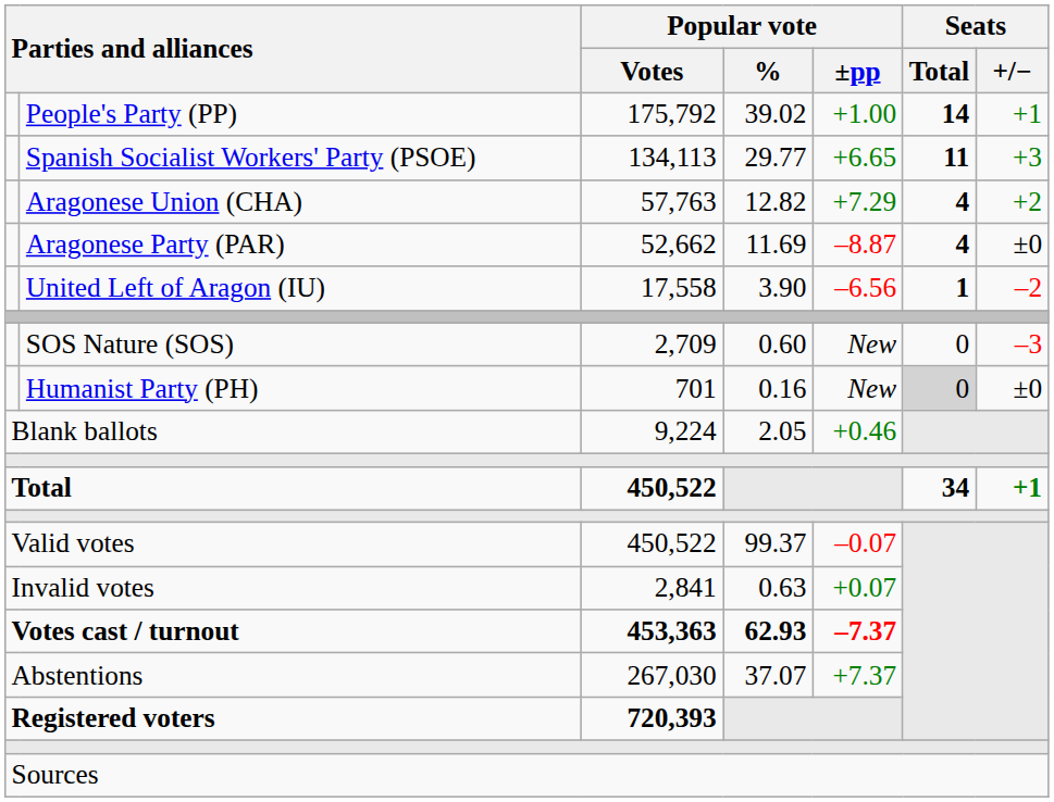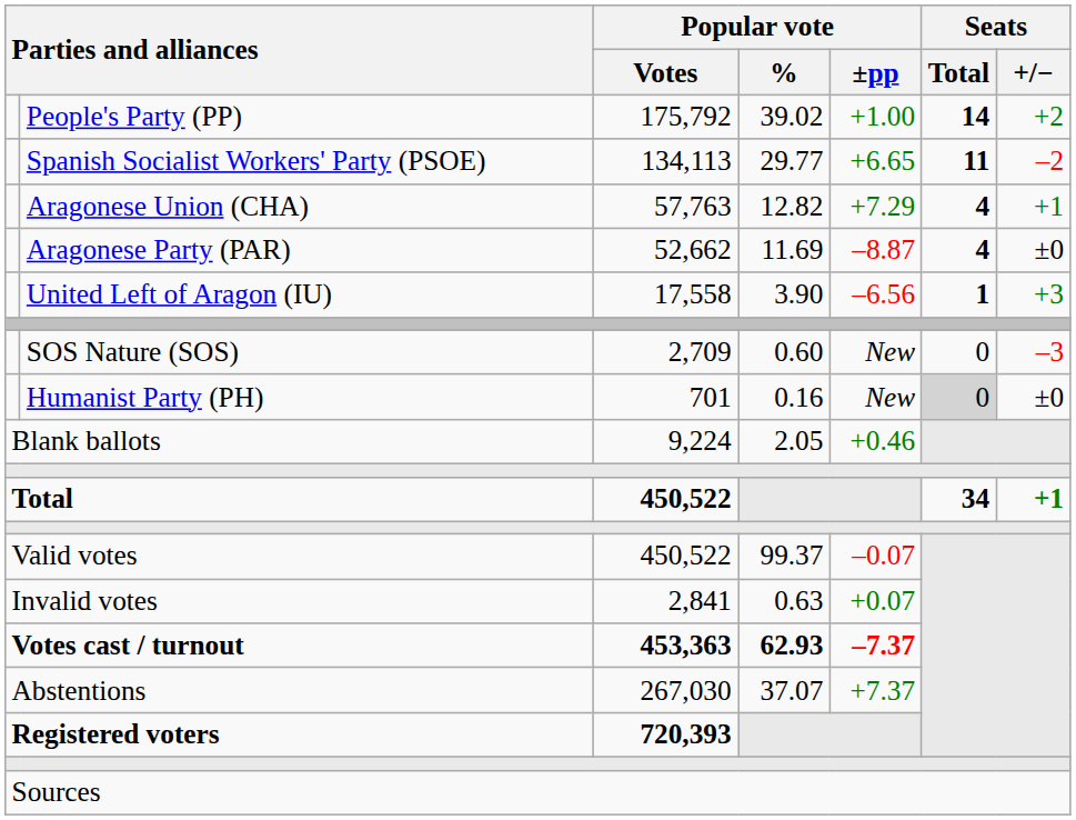 <table class="wikitable" style="text-align:right;">
 <tr>
 <th style="text-align:left;" rowspan="2" colspan="2" width="525">Parties and alliances</th>
 <th colspan="3">Popular vote</th>
 <th colspan="2">Seats</th>
 </tr>
 <tr>
 <th width="75">Votes</th>
 <th width="45">%</th>
 <th width="45">±<a href='#'>pp</a></th>
 <th width="35">Total</th>
 <th width="35">+/−</th>
 </tr>
 <tr>
 <td width="1" style="color:inherit;background:"></td>
 <td align="left"><a href='#'>People's Party</a> (PP)</td>
 <td>175,792</td>
 <td>39.02</td>
 <td style="color:green;">+1.00</td>
 <td><strong>14</strong></td>
-<td style="color:green;">+1</td>
+<td style="color:green;">+2</td>
 </tr>
 <tr>
 <td style="color:inherit;background:"></td>
 <td align="left"><a href='#'>Spanish Socialist Workers' Party</a> (PSOE)</td>
 <td>134,113</td>
 <td>29.77</td>
 <td style="color:green;">+6.65</td>
 <td><strong>11</strong></td>
-<td style="color:green;">+3</td>
+<td style="color:red;">–2</td>
 </tr>
 <tr>
 <td style="color:inherit;background:"></td>
 <td align="left"><a href='#'>Aragonese Union</a> (CHA)</td>
 <td>57,763</td>
 <td>12.82</td>
 <td style="color:green;">+7.29</td>
 <td><strong>4</strong></td>
-<td style="color:green;">+2</td>
+<td style="color:green;">+1</td>
 </tr>
 <tr>
 <td style="color:inherit;background:"></td>
 <td align="left"><a href='#'>Aragonese Party</a> (PAR)</td>
 <td>52,662</td>
 <td>11.69</td>
 <td style="color:red;">–8.87</td>
 <td><strong>4</strong></td>
 <td>±0</td>
 </tr>
 <tr>
 <td style="color:inherit;background:"></td>
 <td align="left"><a href='#'>United Left of Aragon</a> (IU)</td>
 <td>17,558</td>
 <td>3.90</td>
 <td style="color:red;">–6.56</td>
 <td><strong>1</strong></td>
-<td style="color:red;">–2</td>
+<td style="color:green;">+3</td>
 </tr>
 <tr>
 <td colspan="7" bgcolor="#C0C0C0"></td>
 </tr>
 <tr>
 <td style="color:inherit;background:"></td>
 <td align="left">SOS Nature (SOS)</td>
 <td>2,709</td>
 <td>0.60</td>
 <td><em>New</em></td>
 <td>0</td>
 <td style="color:red;">–3</td>
 </tr>
 <tr>
 <td style="color:inherit;background:"></td>
 <td align="left"><a href='#'>Humanist Party</a> (PH)</td>
 <td>701</td>
 <td>0.16</td>
 <td><em>New</em></td>
 <td style="background: lightgrey;">0</td>
 <td>±0</td>
 </tr>
 <tr>
 <td align="left" colspan="2">Blank ballots</td>
 <td>9,224</td>
 <td>2.05</td>
 <td style="color:green;">+0.46</td>
 <td bgcolor="#E9E9E9" colspan="2"></td>
 </tr>
 <tr>
 <td colspan="7" bgcolor="#E9E9E9"></td>
 </tr>
 <tr style="font-weight:bold;">
 <td align="left" colspan="2">Total</td>
 <td>450,522</td>
 <td bgcolor="#E9E9E9" colspan="2"></td>
 <td>34</td>
 <td style="color:green;">+1</td>
 </tr>
 <tr>
 <td colspan="7" bgcolor="#E9E9E9"></td>
 </tr>
 <tr>
 <td align="left" colspan="2">Valid votes</td>
 <td>450,522</td>
 <td>99.37</td>
 <td style="color:red;">–0.07</td>
 <td bgcolor="#E9E9E9" colspan="2" rowspan="5"></td>
 </tr>
 <tr>
 <td align="left" colspan="2">Invalid votes</td>
 <td>2,841</td>
 <td>0.63</td>
 <td style="color:green;">+0.07</td>
 </tr>
 <tr style="font-weight:bold;">
 <td align="left" colspan="2">Votes cast / turnout</td>
 <td>453,363</td>
 <td>62.93</td>
 <td style="color:red;">–7.37</td>
 </tr>
 <tr>
 <td align="left" colspan="2">Abstentions</td>
 <td>267,030</td>
 <td>37.07</td>
 <td style="color:green;">+7.37</td>
 </tr>
 <tr style="font-weight:bold;">
 <td align="left" colspan="2">Registered voters</td>
 <td>720,393</td>
 <td bgcolor="#E9E9E9" colspan="2"></td>
 </tr>
 <tr>
 <td colspan="7" bgcolor="#E9E9E9"></td>
 </tr>
 <tr>
 <td align="left" colspan="7">Sources</td>
 </tr>
 </table>
